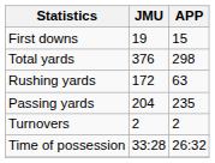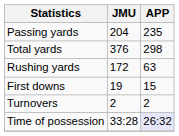 <table class="wikitable" style="float: left;">
 <tr>
 <th>Statistics</th>
 <th>JMU</th>
 <th>APP</th>
 </tr>
 <tr>
-<td>First downs</td>
-<td>19</td>
-<td>15</td>
+<td>Passing yards</td>
+<td>204</td>
+<td>235</td>
 </tr>
 <tr>
 <td>Total yards</td>
 <td>376</td>
 <td>298</td>
 </tr>
 <tr>
 <td>Rushing yards</td>
 <td>172</td>
 <td>63</td>
 </tr>
 <tr>
-<td>Passing yards</td>
-<td>204</td>
-<td>235</td>
+<td>First downs</td>
+<td>19</td>
+<td>15</td>
 </tr>
 <tr>
 <td>Turnovers</td>
 <td>2</td>
 <td>2</td>
 </tr>
 <tr>
 <td>Time of possession</td>
 <td>33:28</td>
-<td>26:32</td>
+<td style="background: lavender;">26:32</td>
 </tr>
 <tr>
 </tr>
 </table>
